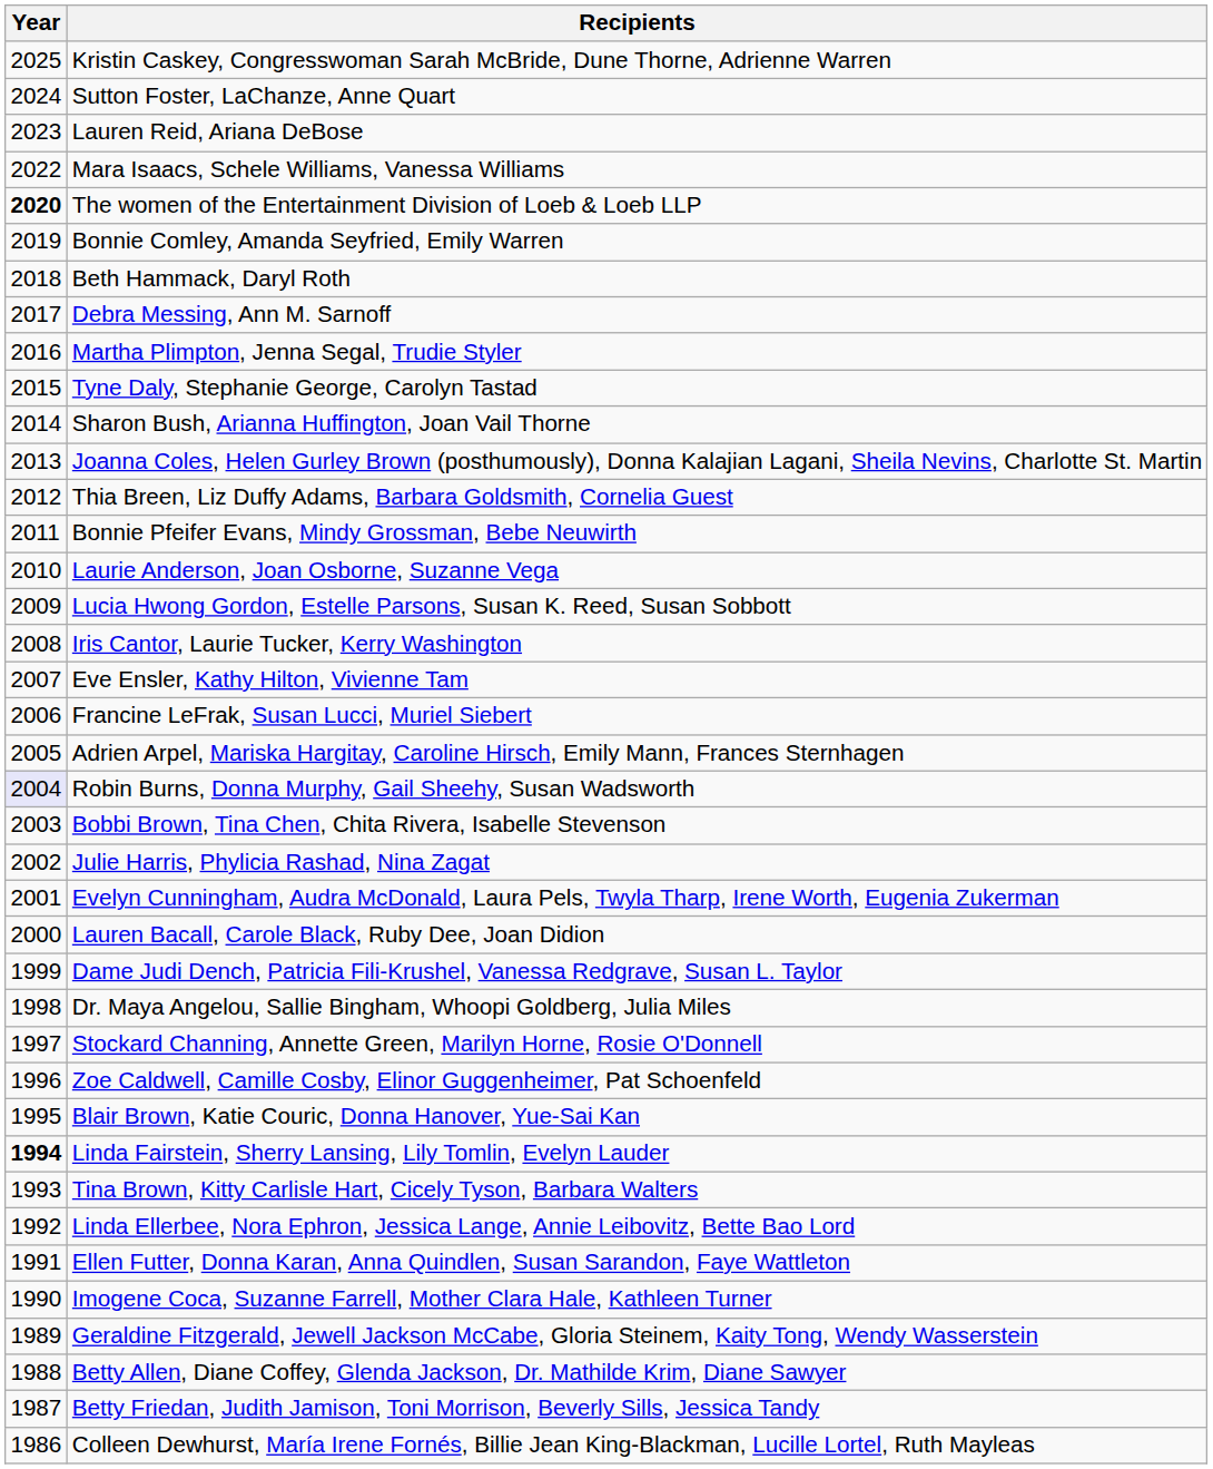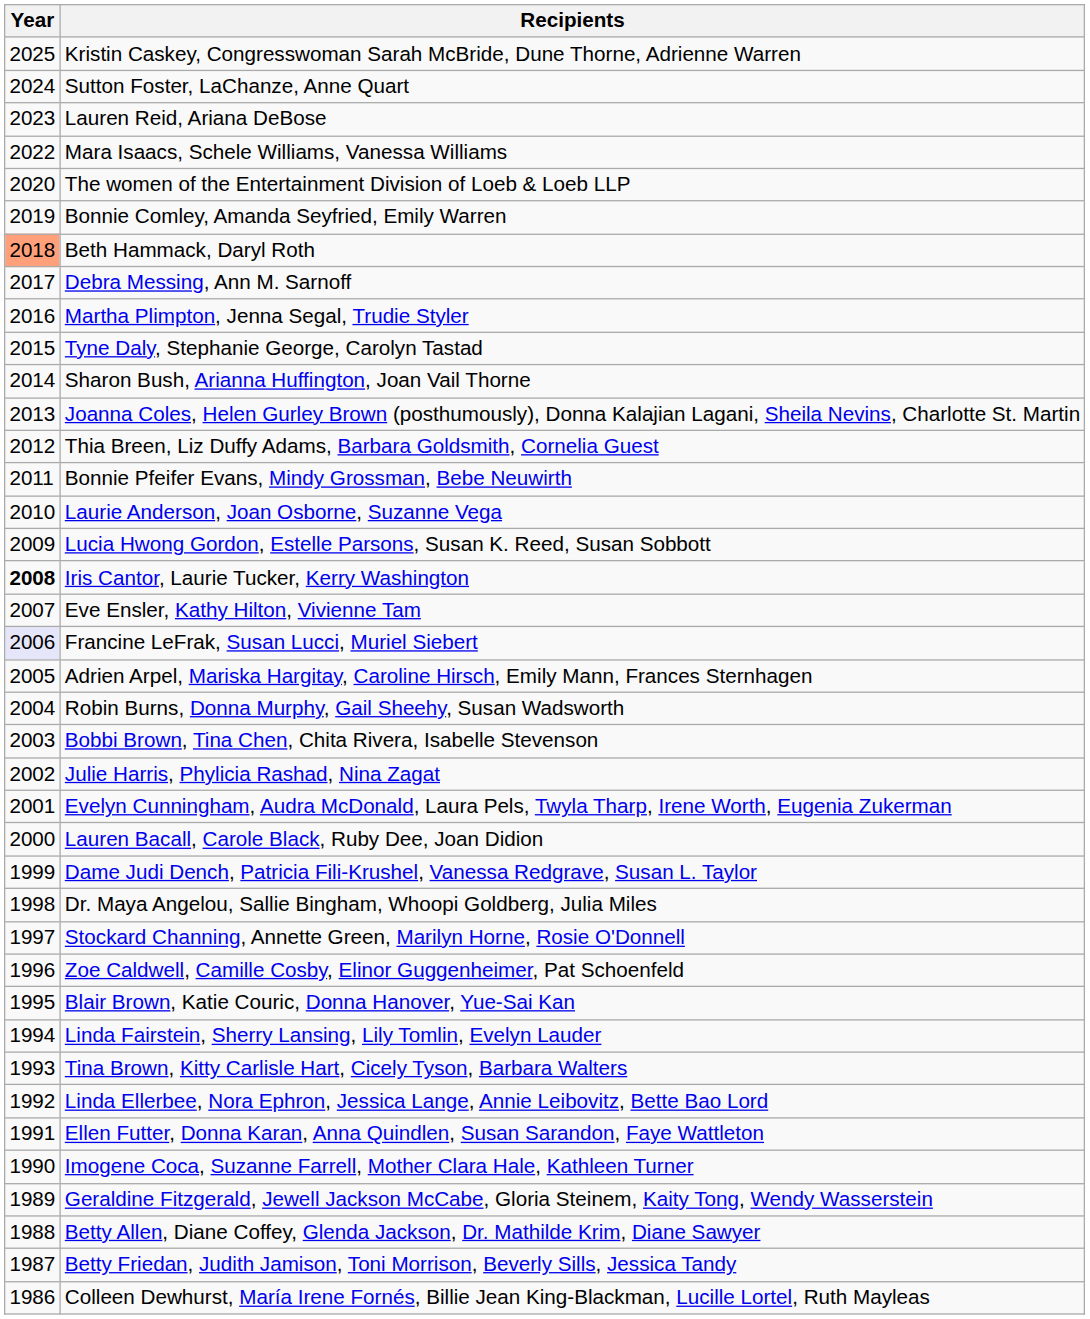 <table class="wikitable mw-collapsible">
 <tr>
 <th>Year</th>
 <th>Recipients</th>
 </tr>
 <tr>
 <td>2025</td>
 <td>Kristin Caskey, Congresswoman Sarah McBride, Dune Thorne, Adrienne Warren</td>
 </tr>
 <tr>
 <td>2024</td>
 <td>Sutton Foster, LaChanze, Anne Quart</td>
 </tr>
 <tr>
 <td>2023</td>
 <td>Lauren Reid, Ariana DeBose</td>
 </tr>
 <tr>
 <td>2022</td>
 <td>Mara Isaacs, Schele Williams, Vanessa Williams</td>
 </tr>
 <tr>
-<td><strong>2020</strong></td>
+<td>2020</td>
 <td>The women of the Entertainment Division of Loeb & Loeb LLP</td>
 </tr>
 <tr>
 <td>2019</td>
 <td>Bonnie Comley, Amanda Seyfried, Emily Warren</td>
 </tr>
 <tr>
-<td>2018</td>
+<td style="background: lightsalmon;">2018</td>
 <td>Beth Hammack, Daryl Roth</td>
 </tr>
 <tr>
 <td>2017</td>
 <td><a href='#'>Debra Messing</a>, Ann M. Sarnoff</td>
 </tr>
 <tr>
 <td>2016</td>
 <td><a href='#'>Martha Plimpton</a>, Jenna Segal, <a href='#'>Trudie Styler</a></td>
 </tr>
 <tr>
 <td>2015</td>
 <td><a href='#'>Tyne Daly</a>, Stephanie George, Carolyn Tastad</td>
 </tr>
 <tr>
 <td>2014</td>
 <td>Sharon Bush, <a href='#'>Arianna Huffington</a>, Joan Vail Thorne</td>
 </tr>
 <tr>
 <td>2013</td>
 <td><a href='#'>Joanna Coles</a>, <a href='#'>Helen Gurley Brown</a> (posthumously), Donna Kalajian Lagani, <a href='#'>Sheila Nevins</a>, Charlotte St. Martin</td>
 </tr>
 <tr>
 <td>2012</td>
 <td>Thia Breen, Liz Duffy Adams, <a href='#'>Barbara Goldsmith</a>, <a href='#'>Cornelia Guest</a></td>
 </tr>
 <tr>
 <td>2011</td>
 <td>Bonnie Pfeifer Evans, <a href='#'>Mindy Grossman</a>, <a href='#'>Bebe Neuwirth</a></td>
 </tr>
 <tr>
 <td>2010</td>
 <td><a href='#'>Laurie Anderson</a>, <a href='#'>Joan Osborne</a>, <a href='#'>Suzanne Vega</a></td>
 </tr>
 <tr>
 <td>2009</td>
 <td><a href='#'>Lucia Hwong Gordon</a>, <a href='#'>Estelle Parsons</a>, Susan K. Reed, Susan Sobbott</td>
 </tr>
 <tr>
-<td>2008</td>
+<td><strong>2008</strong></td>
 <td><a href='#'>Iris Cantor</a>, Laurie Tucker, <a href='#'>Kerry Washington</a></td>
 </tr>
 <tr>
 <td>2007</td>
 <td>Eve Ensler, <a href='#'>Kathy Hilton</a>, <a href='#'>Vivienne Tam</a></td>
 </tr>
 <tr>
-<td>2006</td>
+<td style="background: lavender;">2006</td>
 <td>Francine LeFrak, <a href='#'>Susan Lucci</a>, <a href='#'>Muriel Siebert</a></td>
 </tr>
 <tr>
 <td>2005</td>
 <td>Adrien Arpel, <a href='#'>Mariska Hargitay</a>, <a href='#'>Caroline Hirsch</a>, Emily Mann, Frances Sternhagen</td>
 </tr>
 <tr>
-<td style="background: lavender;">2004</td>
+<td>2004</td>
 <td>Robin Burns, <a href='#'>Donna Murphy</a>, <a href='#'>Gail Sheehy</a>, Susan Wadsworth</td>
 </tr>
 <tr>
 <td>2003</td>
 <td><a href='#'>Bobbi Brown</a>, <a href='#'>Tina Chen</a>, Chita Rivera, Isabelle Stevenson</td>
 </tr>
 <tr>
 <td>2002</td>
 <td><a href='#'>Julie Harris</a>, <a href='#'>Phylicia Rashad</a>, <a href='#'>Nina Zagat</a></td>
 </tr>
 <tr>
 <td>2001</td>
 <td><a href='#'>Evelyn Cunningham</a>, <a href='#'>Audra McDonald</a>, Laura Pels, <a href='#'>Twyla Tharp</a>, <a href='#'>Irene Worth</a>, <a href='#'>Eugenia Zukerman</a></td>
 </tr>
 <tr>
 <td>2000</td>
 <td><a href='#'>Lauren Bacall</a>, <a href='#'>Carole Black</a>, Ruby Dee, Joan Didion</td>
 </tr>
 <tr>
 <td>1999</td>
 <td><a href='#'>Dame Judi Dench</a>, <a href='#'>Patricia Fili-Krushel</a>, <a href='#'>Vanessa Redgrave</a>, <a href='#'>Susan L. Taylor</a></td>
 </tr>
 <tr>
 <td>1998</td>
 <td>Dr. Maya Angelou, Sallie Bingham, Whoopi Goldberg, Julia Miles</td>
 </tr>
 <tr>
 <td>1997</td>
 <td><a href='#'>Stockard Channing</a>, Annette Green, <a href='#'>Marilyn Horne</a>, <a href='#'>Rosie O'Donnell</a></td>
 </tr>
 <tr>
 <td>1996</td>
 <td><a href='#'>Zoe Caldwell</a>, <a href='#'>Camille Cosby</a>, <a href='#'>Elinor Guggenheimer</a>, Pat Schoenfeld</td>
 </tr>
 <tr>
 <td>1995</td>
 <td><a href='#'>Blair Brown</a>, Katie Couric, <a href='#'>Donna Hanover</a>, <a href='#'>Yue-Sai Kan</a></td>
 </tr>
 <tr>
-<td><strong>1994</strong></td>
+<td>1994</td>
 <td><a href='#'>Linda Fairstein</a>, <a href='#'>Sherry Lansing</a>, <a href='#'>Lily Tomlin</a>, <a href='#'>Evelyn Lauder</a></td>
 </tr>
 <tr>
 <td>1993</td>
 <td><a href='#'>Tina Brown</a>, <a href='#'>Kitty Carlisle Hart</a>, <a href='#'>Cicely Tyson</a>, <a href='#'>Barbara Walters</a></td>
 </tr>
 <tr>
 <td>1992</td>
 <td><a href='#'>Linda Ellerbee</a>, <a href='#'>Nora Ephron</a>, <a href='#'>Jessica Lange</a>, <a href='#'>Annie Leibovitz</a>, <a href='#'>Bette Bao Lord</a></td>
 </tr>
 <tr>
 <td>1991</td>
 <td><a href='#'>Ellen Futter</a>, <a href='#'>Donna Karan</a>, <a href='#'>Anna Quindlen</a>, <a href='#'>Susan Sarandon</a>, <a href='#'>Faye Wattleton</a></td>
 </tr>
 <tr>
 <td>1990</td>
 <td><a href='#'>Imogene Coca</a>, <a href='#'>Suzanne Farrell</a>, <a href='#'>Mother Clara Hale</a>, <a href='#'>Kathleen Turner</a></td>
 </tr>
 <tr>
 <td>1989</td>
 <td><a href='#'>Geraldine Fitzgerald</a>, <a href='#'>Jewell Jackson McCabe</a>, Gloria Steinem, <a href='#'>Kaity Tong</a>, <a href='#'>Wendy Wasserstein</a></td>
 </tr>
 <tr>
 <td>1988</td>
 <td><a href='#'>Betty Allen</a>, Diane Coffey, <a href='#'>Glenda Jackson</a>, <a href='#'>Dr. Mathilde Krim</a>, <a href='#'>Diane Sawyer</a></td>
 </tr>
 <tr>
 <td>1987</td>
 <td><a href='#'>Betty Friedan</a>, <a href='#'>Judith Jamison</a>, <a href='#'>Toni Morrison</a>, <a href='#'>Beverly Sills</a>, <a href='#'>Jessica Tandy</a></td>
 </tr>
 <tr>
 <td>1986</td>
 <td>Colleen Dewhurst, <a href='#'>María Irene Fornés</a>, Billie Jean King-Blackman, <a href='#'>Lucille Lortel</a>, Ruth Mayleas</td>
 </tr>
 </table>
